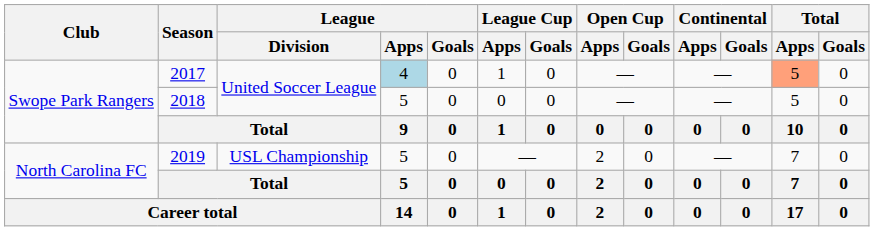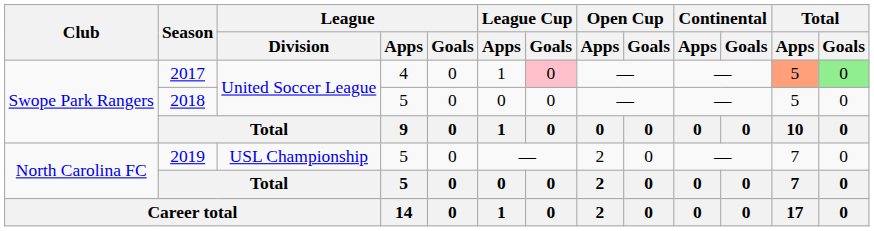 <table class="wikitable" style="text-align: center;">
 <tr>
 <th rowspan="2">Club</th>
 <th rowspan="2">Season</th>
 <th colspan="3">League</th>
 <th colspan="2">League Cup</th>
 <th colspan="2">Open Cup</th>
 <th colspan="2">Continental</th>
 <th colspan="2">Total</th>
 </tr>
 <tr>
 <th>Division</th>
 <th>Apps</th>
 <th>Goals</th>
 <th>Apps</th>
 <th>Goals</th>
 <th>Apps</th>
 <th>Goals</th>
 <th>Apps</th>
 <th>Goals</th>
 <th>Apps</th>
 <th>Goals</th>
 </tr>
 <tr>
 <td rowspan="3"><a href='#'>Swope Park Rangers</a></td>
 <td><a href='#'>2017</a></td>
 <td rowspan="2"><a href='#'>United Soccer League</a></td>
-<td style="background: lightblue;">4</td>
+<td>4</td>
 <td>0</td>
 <td>1</td>
-<td>0</td>
+<td style="background: pink;">0</td>
 <td colspan="2">—</td>
 <td colspan="2">—</td>
 <td style="background: lightsalmon;">5</td>
-<td>0</td>
+<td style="background: lightgreen;">0</td>
 </tr>
 <tr>
 <td><a href='#'>2018</a></td>
 <td>5</td>
 <td>0</td>
 <td>0</td>
 <td>0</td>
 <td colspan="2">—</td>
 <td colspan="2">—</td>
 <td>5</td>
 <td>0</td>
 </tr>
 <tr>
 <th colspan="2">Total</th>
 <th>9</th>
 <th>0</th>
 <th>1</th>
 <th>0</th>
 <th>0</th>
 <th>0</th>
 <th>0</th>
 <th>0</th>
 <th>10</th>
 <th>0</th>
 </tr>
 <tr>
 <td rowspan="2"><a href='#'>North Carolina FC</a></td>
 <td><a href='#'>2019</a></td>
 <td><a href='#'>USL Championship</a></td>
 <td>5</td>
 <td>0</td>
 <td colspan="2">—</td>
 <td>2</td>
 <td>0</td>
 <td colspan="2">—</td>
 <td>7</td>
 <td>0</td>
 </tr>
 <tr>
 <th colspan="2">Total</th>
 <th>5</th>
 <th>0</th>
 <th>0</th>
 <th>0</th>
 <th>2</th>
 <th>0</th>
 <th>0</th>
 <th>0</th>
 <th>7</th>
 <th>0</th>
 </tr>
 <tr>
 <th colspan="3">Career total</th>
 <th>14</th>
 <th>0</th>
 <th>1</th>
 <th>0</th>
 <th>2</th>
 <th>0</th>
 <th>0</th>
 <th>0</th>
 <th>17</th>
 <th>0</th>
 </tr>
 </table>
